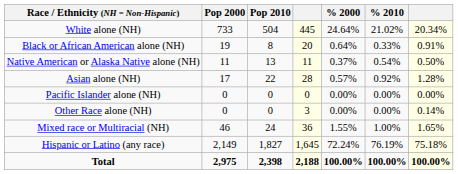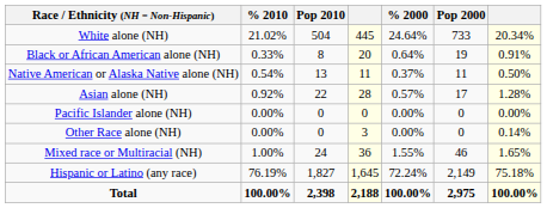 <table class="wikitable" style="text-align:center;">
 <tr>
 <th>Race / Ethnicity <small>(<em>NH = Non-Hispanic</em>)</small></th>
-<th>Pop 2000</th>
+<th>% 2010</th>
 <th>Pop 2010</th>
 <th></th>
 <th>% 2000</th>
-<th>% 2010</th>
+<th>Pop 2000</th>
 <th></th>
 </tr>
 <tr>
 <td><a href='#'>White</a> alone (NH)</td>
-<td>733</td>
+<td>21.02%</td>
 <td>504</td>
 <td style='background: #ffffe6;'>445</td>
 <td>24.64%</td>
-<td>21.02%</td>
+<td>733</td>
 <td style='background: #ffffe6;'>20.34%</td>
 </tr>
 <tr>
 <td><a href='#'>Black or African American</a> alone (NH)</td>
-<td>19</td>
+<td>0.33%</td>
 <td>8</td>
 <td style='background: #ffffe6;'>20</td>
 <td>0.64%</td>
-<td>0.33%</td>
+<td>19</td>
 <td style='background: #ffffe6;'>0.91%</td>
 </tr>
 <tr>
 <td><a href='#'>Native American</a> or <a href='#'>Alaska Native</a> alone (NH)</td>
-<td>11</td>
+<td>0.54%</td>
 <td>13</td>
 <td style='background: #ffffe6;'>11</td>
 <td>0.37%</td>
-<td>0.54%</td>
+<td>11</td>
 <td style='background: #ffffe6;'>0.50%</td>
 </tr>
 <tr>
 <td><a href='#'>Asian</a> alone (NH)</td>
-<td>17</td>
+<td>0.92%</td>
 <td>22</td>
 <td style='background: #ffffe6;'>28</td>
 <td>0.57%</td>
-<td>0.92%</td>
+<td>17</td>
 <td style='background: #ffffe6;'>1.28%</td>
 </tr>
 <tr>
 <td><a href='#'>Pacific Islander</a> alone (NH)</td>
-<td>0</td>
+<td>0.00%</td>
 <td>0</td>
 <td style='background: #ffffe6;'>0</td>
 <td>0.00%</td>
-<td>0.00%</td>
+<td>0</td>
 <td style='background: #ffffe6;'>0.00%</td>
 </tr>
 <tr>
 <td><a href='#'>Other Race</a> alone (NH)</td>
-<td>0</td>
+<td>0.00%</td>
 <td>0</td>
 <td style='background: #ffffe6;'>3</td>
 <td>0.00%</td>
-<td>0.00%</td>
+<td>0</td>
 <td style='background: #ffffe6;'>0.14%</td>
 </tr>
 <tr>
 <td><a href='#'>Mixed race or Multiracial</a> (NH)</td>
-<td>46</td>
+<td>1.00%</td>
 <td>24</td>
 <td style='background: #ffffe6;'>36</td>
 <td>1.55%</td>
-<td>1.00%</td>
+<td>46</td>
 <td style='background: #ffffe6;'>1.65%</td>
 </tr>
 <tr>
 <td><a href='#'>Hispanic or Latino</a> (any race)</td>
-<td>2,149</td>
+<td>76.19%</td>
 <td>1,827</td>
 <td style='background: #ffffe6;'>1,645</td>
 <td>72.24%</td>
-<td>76.19%</td>
+<td>2,149</td>
 <td style='background: #ffffe6;'>75.18%</td>
 </tr>
 <tr>
 <td><strong>Total</strong></td>
-<td><strong>2,975</strong></td>
+<td><strong>100.00%</strong></td>
 <td><strong>2,398</strong></td>
 <td style='background: #ffffe6;'><strong>2,188</strong></td>
 <td><strong>100.00%</strong></td>
-<td><strong>100.00%</strong></td>
+<td><strong>2,975</strong></td>
 <td style='background: #ffffe6;'><strong>100.00%</strong></td>
 </tr>
 </table>
